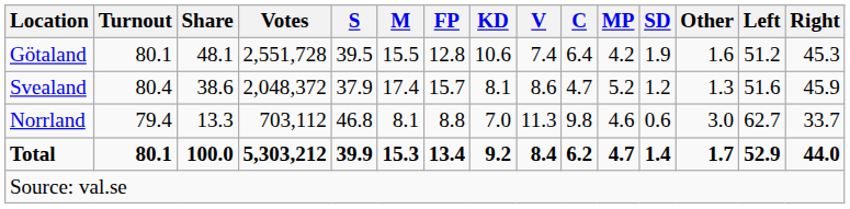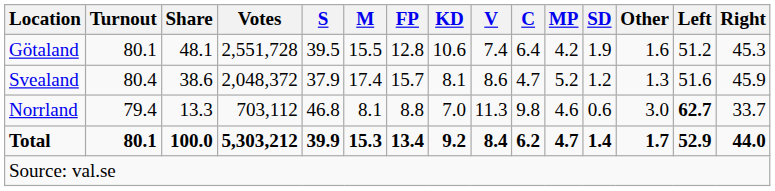 <table class="wikitable sortable" style=text-align:right>
 <tr>
 <th>Location</th>
 <th>Turnout</th>
 <th>Share</th>
 <th>Votes</th>
 <th><a href='#'>S</a></th>
 <th><a href='#'>M</a></th>
 <th><a href='#'>FP</a></th>
 <th><a href='#'>KD</a></th>
 <th><a href='#'>V</a></th>
 <th><a href='#'>C</a></th>
 <th><a href='#'>MP</a></th>
 <th><a href='#'>SD</a></th>
 <th>Other</th>
 <th>Left</th>
 <th>Right</th>
 </tr>
 <tr>
 <td align=left><a href='#'>Götaland</a></td>
 <td>80.1</td>
 <td>48.1</td>
 <td>2,551,728</td>
 <td>39.5</td>
 <td>15.5</td>
 <td>12.8</td>
 <td>10.6</td>
 <td>7.4</td>
 <td>6.4</td>
 <td>4.2</td>
 <td>1.9</td>
 <td>1.6</td>
 <td>51.2</td>
 <td>45.3</td>
 </tr>
 <tr>
 <td align=left><a href='#'>Svealand</a></td>
 <td>80.4</td>
 <td>38.6</td>
 <td>2,048,372</td>
 <td>37.9</td>
 <td>17.4</td>
 <td>15.7</td>
 <td>8.1</td>
 <td>8.6</td>
 <td>4.7</td>
 <td>5.2</td>
 <td>1.2</td>
 <td>1.3</td>
 <td>51.6</td>
 <td>45.9</td>
 </tr>
 <tr>
 <td align=left><a href='#'>Norrland</a></td>
 <td>79.4</td>
 <td>13.3</td>
 <td>703,112</td>
 <td>46.8</td>
 <td>8.1</td>
 <td>8.8</td>
 <td>7.0</td>
 <td>11.3</td>
 <td>9.8</td>
 <td>4.6</td>
 <td>0.6</td>
 <td>3.0</td>
-<td>62.7</td>
+<td><strong>62.7</strong></td>
 <td>33.7</td>
 </tr>
 <tr>
 <td align=left><strong>Total</strong></td>
 <td><strong>80.1</strong></td>
 <td><strong>100.0</strong></td>
 <td><strong>5,303,212</strong></td>
 <td><strong>39.9</strong></td>
 <td><strong>15.3</strong></td>
 <td><strong>13.4</strong></td>
 <td><strong>9.2</strong></td>
 <td><strong>8.4</strong></td>
 <td><strong>6.2</strong></td>
 <td><strong>4.7</strong></td>
 <td><strong>1.4</strong></td>
 <td><strong>1.7</strong></td>
 <td><strong>52.9</strong></td>
 <td><strong>44.0</strong></td>
 </tr>
 <tr>
 <td align=left colspan=15>Source: val.se </td>
 </tr>
 </table>
